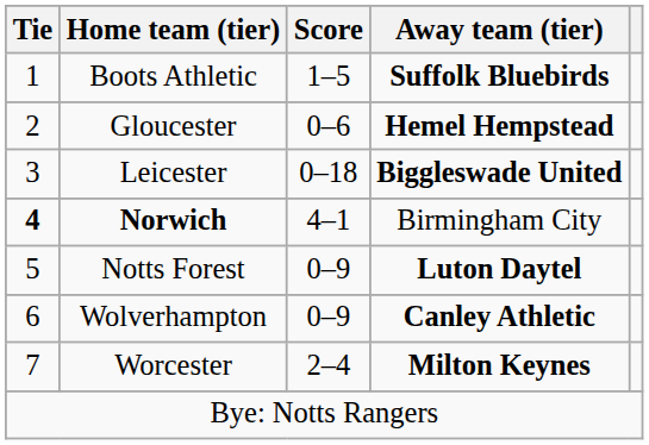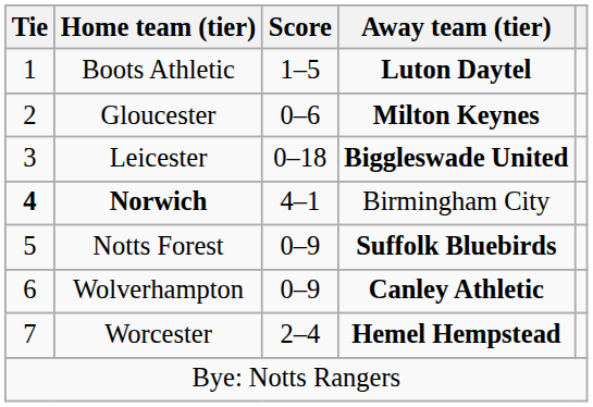 <table class="wikitable" style="text-align:center; font-size:85%">
 <tr>
 <th>Tie</th>
 <th>Home team (tier)</th>
 <th>Score</th>
 <th>Away team (tier)</th>
 <th></th>
 </tr>
 <tr>
 <td align="center">1</td>
 <td>Boots Athletic</td>
 <td align="center">1–5</td>
-<td><strong>Suffolk Bluebirds</strong></td>
+<td><strong>Luton Daytel</strong></td>
 <td></td>
 </tr>
 <tr>
 <td align="center">2</td>
 <td>Gloucester</td>
 <td align="center">0–6</td>
-<td><strong>Hemel Hempstead</strong></td>
+<td><strong>Milton Keynes</strong></td>
 <td></td>
 </tr>
 <tr>
 <td align="center">3</td>
 <td>Leicester</td>
 <td align="center">0–18</td>
 <td><strong>Biggleswade United</strong></td>
 <td></td>
 </tr>
 <tr>
 <td align="center"><strong>4</strong></td>
 <td><strong>Norwich</strong></td>
 <td align="center">4–1</td>
 <td>Birmingham City</td>
 <td></td>
 </tr>
 <tr>
 <td align="center">5</td>
 <td>Notts Forest</td>
 <td align="center">0–9</td>
-<td><strong>Luton Daytel</strong></td>
+<td><strong>Suffolk Bluebirds</strong></td>
 <td></td>
 </tr>
 <tr>
 <td align="center">6</td>
 <td>Wolverhampton</td>
 <td align="center">0–9</td>
 <td><strong>Canley Athletic</strong></td>
 <td></td>
 </tr>
 <tr>
 <td align="center">7</td>
 <td>Worcester</td>
 <td align="center">2–4</td>
-<td><strong>Milton Keynes</strong></td>
+<td><strong>Hemel Hempstead</strong></td>
 <td></td>
 </tr>
 <tr>
 <td colspan="5" align="center">Bye: Notts Rangers</td>
 </tr>
 </table>
